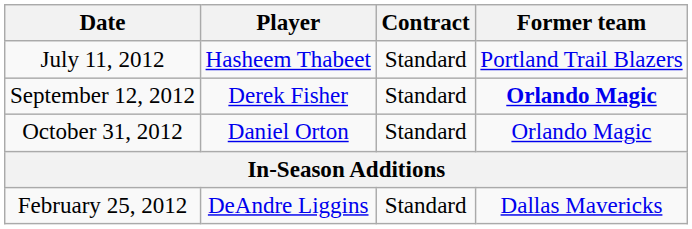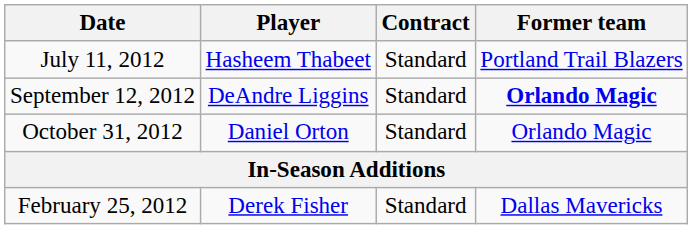 <table class="wikitable" style="text-align: center">
 <tr>
 <th>Date</th>
 <th>Player</th>
 <th>Contract</th>
 <th>Former team</th>
 </tr>
 <tr style="text-align: center">
 <td>July 11, 2012</td>
 <td><a href='#'>Hasheem Thabeet</a></td>
 <td>Standard</td>
 <td><a href='#'>Portland Trail Blazers</a></td>
 </tr>
 <tr style="text-align: center">
 <td>September 12, 2012</td>
-<td><a href='#'>Derek Fisher</a></td>
+<td><a href='#'>DeAndre Liggins</a></td>
 <td>Standard</td>
 <td><strong><a href='#'>Orlando Magic</a></strong></td>
 </tr>
 <tr style="text-align: center">
 <td>October 31, 2012</td>
 <td><a href='#'>Daniel Orton</a></td>
 <td>Standard</td>
 <td><a href='#'>Orlando Magic</a></td>
 </tr>
 <tr>
 <th scope="row" colspan="6" style="text-align:center;”">In-Season Additions</th>
 </tr>
 <tr style="text-align: center">
 <td>February 25, 2012</td>
-<td><a href='#'>DeAndre Liggins</a></td>
+<td><a href='#'>Derek Fisher</a></td>
 <td>Standard</td>
 <td><a href='#'>Dallas Mavericks</a></td>
 </tr>
 </table>
